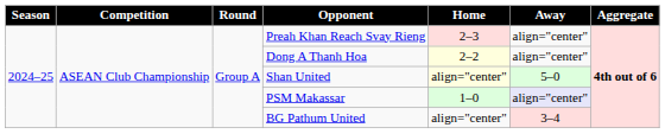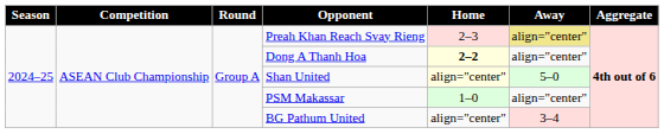 <table class="wikitable">
 <tr>
 <th style="background:black; color:white; text-align:center;">Season</th>
 <th style="background:black; color:white; text-align:center;">Competition</th>
 <th style="background:black; color:white; text-align:center;">Round</th>
 <th style="background:black; color:white; text-align:center;">Opponent</th>
 <th style="background:black; color:white; text-align:center;">Home</th>
 <th style="background:black; color:white; text-align:center;">Away</th>
 <th style="background:black; color:white; text-align:center;">Aggregate</th>
 </tr>
 <tr>
 <td rowspan="5"><a href='#'>2024–25</a></td>
 <td rowspan="5"><a href='#'>ASEAN Club Championship</a></td>
 <td rowspan="5"><a href='#'>Group A</a></td>
 <td> <a href='#'>Preah Khan Reach Svay Rieng</a></td>
 <td style="text-align:center; background:#fdd;">2–3</td>
-<td>align="center" </td>
+<td style="background: khaki;">align="center" </td>
 <td rowspan="5" style="background:#fdd;" align="center"><strong>4th out of 6</strong></td>
 </tr>
 <tr>
 <td> <a href='#'>Dong A Thanh Hoa</a></td>
-<td style="text-align:center; background:#ffd;">2–2</td>
+<td style="text-align:center; background:#ffd;"><strong>2–2</strong></td>
 <td>align="center" </td>
 </tr>
 <tr>
 <td> <a href='#'>Shan United</a></td>
 <td style="background: lightyellow;">align="center" </td>
 <td style="text-align:center; background:#dfd;">5–0</td>
 </tr>
 <tr>
 <td> <a href='#'>PSM Makassar</a></td>
 <td style="text-align:center; background:#dfd;">1–0</td>
-<td style="background: lavender;">align="center" </td>
+<td>align="center" </td>
 </tr>
 <tr>
 <td> <a href='#'>BG Pathum United</a></td>
 <td>align="center" </td>
 <td style="text-align:center; background:#fdd;">3–4</td>
 </tr>
 </table>
